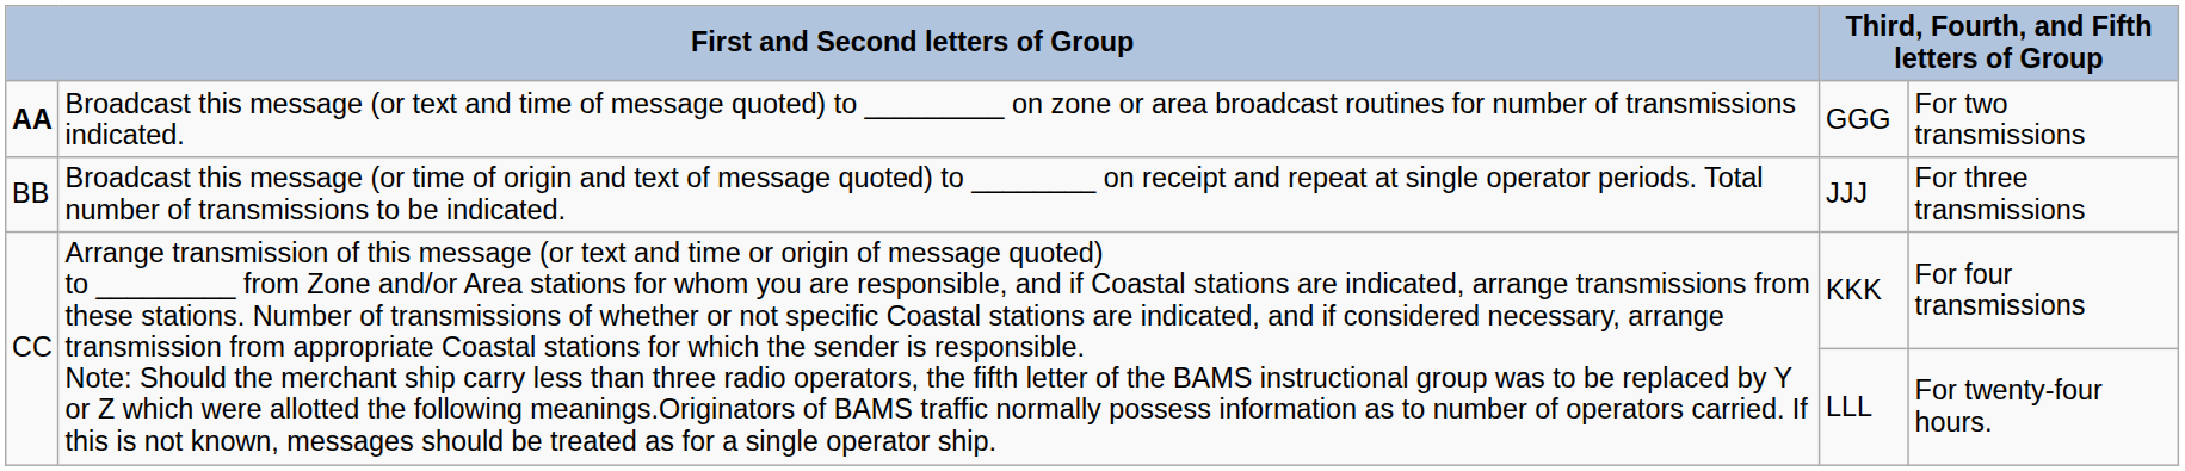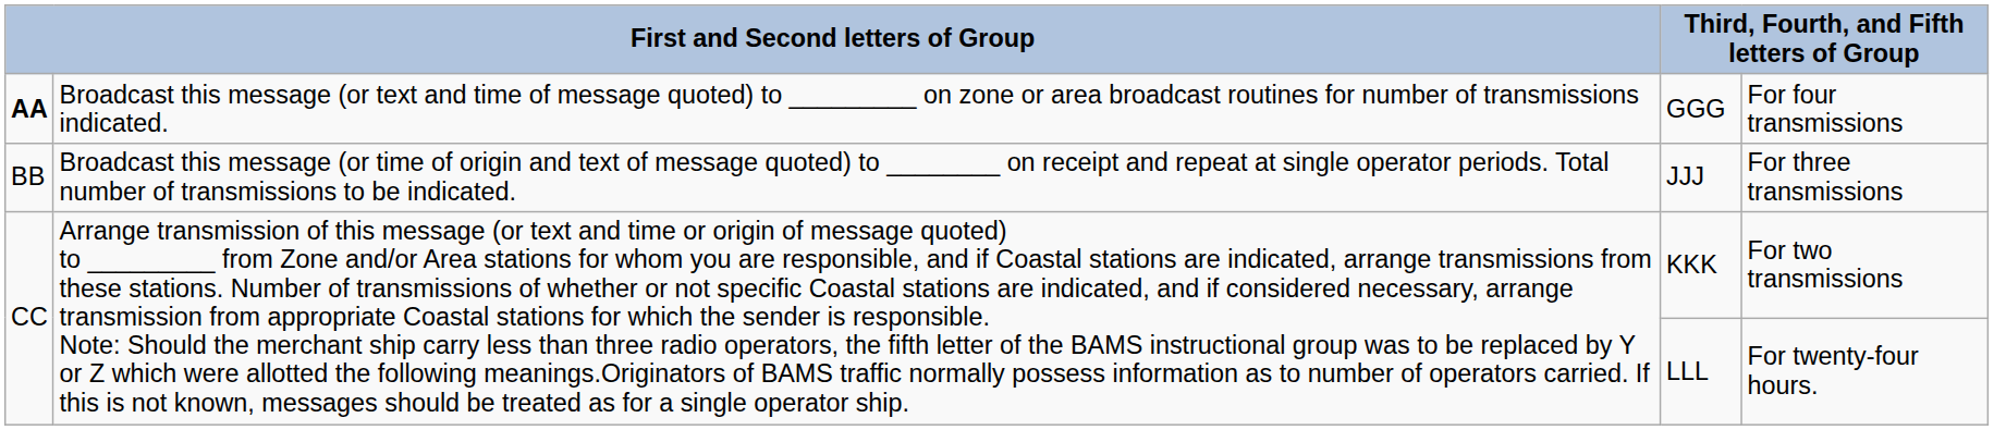 <table class="wikitable">
 <tr>
 <th colspan=2 style="background:LightSteelBlue">First and Second letters of Group</th>
 <th colspan=2 style="background:LightSteelBlue">Third, Fourth, and Fifth letters of Group</th>
 </tr>
 <tr>
 <td><strong>AA</strong></td>
 <td>Broadcast this message (or text and time of message quoted) to _________ on zone or area broadcast routines for number of transmissions indicated.</td>
 <td>GGG</td>
-<td>For two transmissions</td>
+<td>For four transmissions</td>
 </tr>
 <tr>
 <td>BB</td>
 <td>Broadcast this message (or time of origin and text of message quoted) to ________ on receipt and repeat at single operator periods. Total number of transmissions to be indicated.</td>
 <td>JJJ</td>
 <td>For three transmissions</td>
 </tr>
 <tr>
 <td rowspan="2">CC</td>
 <td rowspan="2">Arrange transmission of this message (or text and time or origin of message quoted)<br>to _________ from Zone and/or Area stations for whom you are responsible, and if Coastal  stations are indicated, arrange transmissions from these stations. Number of transmissions of  whether or not specific Coastal stations are indicated, and if considered necessary, arrange  transmission from appropriate Coastal stations for which the sender is responsible.<br>Note: Should the merchant ship carry less than three radio operators, the fifth letter of the BAMS instructional group was to be replaced by Y or Z which were allotted the following meanings.Originators of BAMS traffic normally possess information as to number of operators carried. If this is not known, messages should be treated as for a single operator ship.</td>
 <td>KKK</td>
-<td>For four transmissions</td>
+<td>For two transmissions</td>
 </tr>
 <tr>
 <td>LLL</td>
 <td>For twenty-four hours.</td>
 </tr>
 </table>
